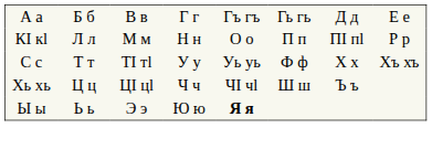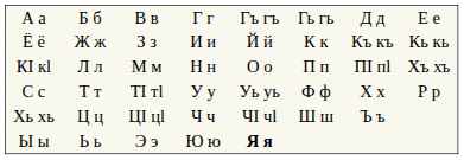 <table style="font-family:Arial Unicode MS; font-size:1.4em; border-color:#000000; border-width:1px; border-style:solid; border-collapse:collapse; background-color:#F8F8EF">
 <tr>
 <td style="width:3em; text-align:center; padding: 3px;">А а</td>
 <td style="width:3em; text-align:center; padding: 3px;">Б б</td>
 <td style="width:3em; text-align:center; padding: 3px;">В в</td>
 <td style="width:3em; text-align:center; padding: 3px;">Г г</td>
 <td style="width:3em; text-align:center; padding: 3px;">Гъ гъ</td>
 <td style="width:3em; text-align:center; padding: 3px;">Гь гь</td>
 <td style="width:3em; text-align:center; padding: 3px;">Д д</td>
 <td style="width:3em; text-align:center; padding: 3px;">Е е</td>
 </tr>
 <tr>
+<td style="width:3em; text-align:center; padding: 3px;">Ё ё</td>
+<td style="width:3em; text-align:center; padding: 3px;">Ж ж</td>
+<td style="width:3em; text-align:center; padding: 3px;">З з</td>
+<td style="width:3em; text-align:center; padding: 3px;">И и</td>
+<td style="width:3em; text-align:center; padding: 3px;">Й й</td>
+<td style="width:3em; text-align:center; padding: 3px;">К к</td>
+<td style="width:3em; text-align:center; padding: 3px;">Къ къ</td>
+<td style="width:3em; text-align:center; padding: 3px;">Кь кь</td>
+</tr>
+<tr>
 <td style="width:3em; text-align:center; padding: 3px;">КI кl</td>
 <td style="width:3em; text-align:center; padding: 3px;">Л л</td>
 <td style="width:3em; text-align:center; padding: 3px;">М м</td>
 <td style="width:3em; text-align:center; padding: 3px;">Н н</td>
 <td style="width:3em; text-align:center; padding: 3px;">О о</td>
 <td style="width:3em; text-align:center; padding: 3px;">П п</td>
 <td style="width:3em; text-align:center; padding: 3px;">ПI пl</td>
-<td style="width:3em; text-align:center; padding: 3px;">Р р</td>
+<td style="width:3em; text-align:center; padding: 3px;">Хъ хъ</td>
 </tr>
 <tr>
 <td style="width:3em; text-align:center; padding: 3px;">С с</td>
 <td style="width:3em; text-align:center; padding: 3px;">Т т</td>
 <td style="width:3em; text-align:center; padding: 3px;">ТI тl</td>
 <td style="width:3em; text-align:center; padding: 3px;">У у</td>
 <td style="width:3em; text-align:center; padding: 3px;">Уь уь</td>
 <td style="width:3em; text-align:center; padding: 3px;">Ф ф</td>
 <td style="width:3em; text-align:center; padding: 3px;">Х х</td>
-<td style="width:3em; text-align:center; padding: 3px;">Хъ хъ</td>
+<td style="width:3em; text-align:center; padding: 3px;">Р р</td>
 </tr>
 <tr>
 <td style="width:3em; text-align:center; padding: 3px;">Хь хь</td>
 <td style="width:3em; text-align:center; padding: 3px;">Ц ц</td>
 <td style="width:3em; text-align:center; padding: 3px;">ЦI цl</td>
 <td style="width:3em; text-align:center; padding: 3px;">Ч ч</td>
 <td style="width:3em; text-align:center; padding: 3px;">ЧI чl</td>
 <td style="width:3em; text-align:center; padding: 3px;">Ш ш</td>
 <td style="width:3em; text-align:center; padding: 3px;">Ъ ъ</td>
 </tr>
 <tr>
 <td style="width:3em; text-align:center; padding: 3px;">Ы ы</td>
 <td style="width:3em; text-align:center; padding: 3px;">Ь ь</td>
 <td style="width:3em; text-align:center; padding: 3px;">Э э</td>
 <td style="width:3em; text-align:center; padding: 3px;">Ю ю</td>
 <td style="width:3em; text-align:center; padding: 3px;"><strong>Я я</strong></td>
 </tr>
 </table>
